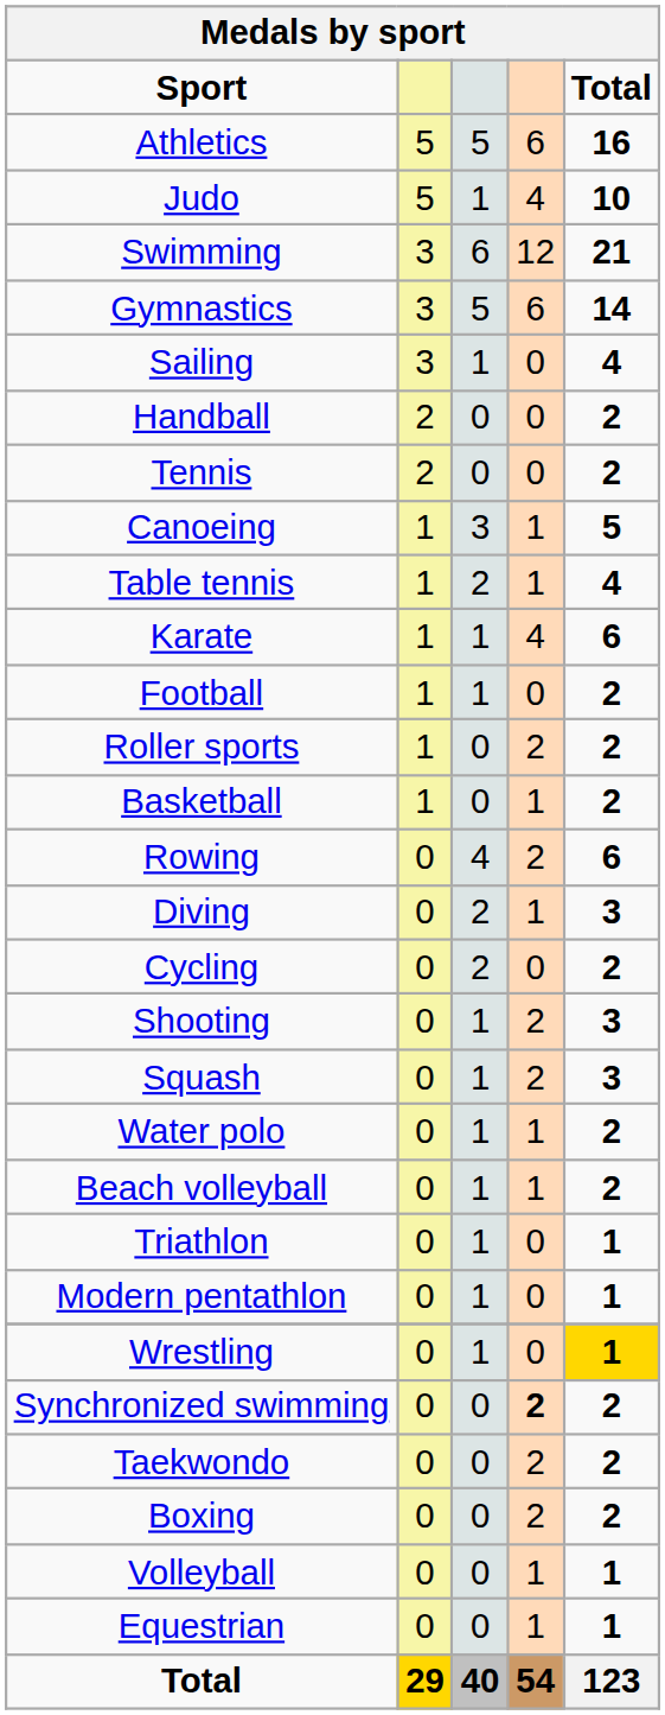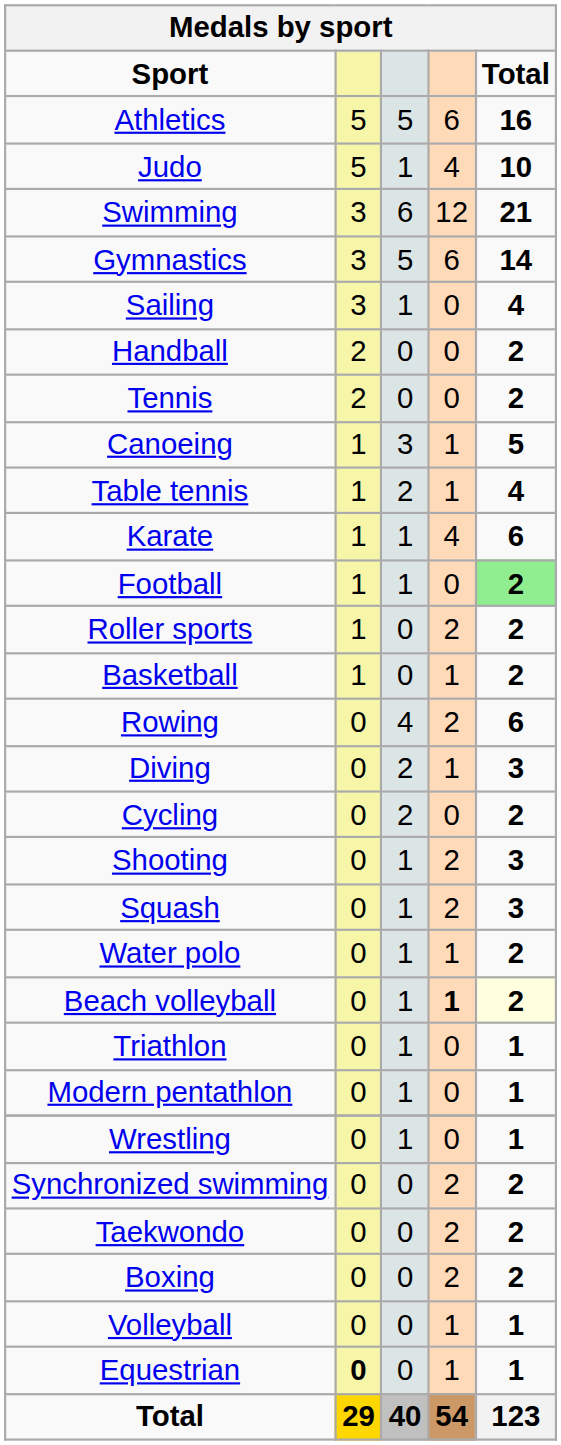 <table class="wikitable" style="font-size:85%; float:right;">
 <tr style="background:#efefef;">
 <th colspan=7><strong>Medals by sport</strong></th>
 </tr>
 <tr align=center>
 <td><strong>Sport</strong></td>
 <td bgcolor=#f7f6a8></td>
 <td bgcolor=#dce5e5></td>
 <td bgcolor=#ffdab9></td>
 <td><strong>Total</strong></td>
 </tr>
 <tr align=center>
 <td><a href='#'>Athletics</a></td>
 <td style="background:#F7F6A8;">5</td>
 <td style="background:#DCE5E5;">5</td>
 <td style="background:#FFDAB9;">6</td>
 <td><strong>16</strong></td>
 </tr>
 <tr align=center>
 <td><a href='#'>Judo</a></td>
 <td style="background:#F7F6A8;">5</td>
 <td style="background:#DCE5E5;">1</td>
 <td style="background:#FFDAB9;">4</td>
 <td><strong>10</strong></td>
 </tr>
 <tr align=center>
 <td><a href='#'>Swimming</a></td>
 <td style="background:#F7F6A8;">3</td>
 <td style="background:#DCE5E5;">6</td>
 <td style="background:#FFDAB9;">12</td>
 <td><strong>21</strong></td>
 </tr>
 <tr align=center>
 <td><a href='#'>Gymnastics</a></td>
 <td style="background:#F7F6A8;">3</td>
 <td style="background:#DCE5E5;">5</td>
 <td style="background:#FFDAB9;">6</td>
 <td><strong>14</strong></td>
 </tr>
 <tr align=center>
 <td><a href='#'>Sailing</a></td>
 <td style="background:#F7F6A8;">3</td>
 <td style="background:#DCE5E5;">1</td>
 <td style="background:#FFDAB9;">0</td>
 <td><strong>4</strong></td>
 </tr>
 <tr align=center>
 <td><a href='#'>Handball</a></td>
 <td style="background:#F7F6A8;">2</td>
 <td style="background:#DCE5E5;">0</td>
 <td style="background:#FFDAB9;">0</td>
 <td><strong>2</strong></td>
 </tr>
 <tr align=center>
 <td><a href='#'>Tennis</a></td>
 <td style="background:#F7F6A8;">2</td>
 <td style="background:#DCE5E5;">0</td>
 <td style="background:#FFDAB9;">0</td>
 <td><strong>2</strong></td>
 </tr>
 <tr align=center>
 <td><a href='#'>Canoeing</a></td>
 <td style="background:#F7F6A8;">1</td>
 <td style="background:#DCE5E5;">3</td>
 <td style="background:#FFDAB9;">1</td>
 <td><strong>5</strong></td>
 </tr>
 <tr align=center>
 <td><a href='#'>Table tennis</a></td>
 <td style="background:#F7F6A8;">1</td>
 <td style="background:#DCE5E5;">2</td>
 <td style="background:#FFDAB9;">1</td>
 <td><strong>4</strong></td>
 </tr>
 <tr align=center>
 <td><a href='#'>Karate</a></td>
 <td style="background:#F7F6A8;">1</td>
 <td style="background:#DCE5E5;">1</td>
 <td style="background:#FFDAB9;">4</td>
 <td><strong>6</strong></td>
 </tr>
 <tr align=center>
 <td><a href='#'>Football</a></td>
 <td style="background:#F7F6A8;">1</td>
 <td style="background:#DCE5E5;">1</td>
 <td style="background:#FFDAB9;">0</td>
-<td><strong>2</strong></td>
+<td style="background: lightgreen;"><strong>2</strong></td>
 </tr>
 <tr align=center>
 <td><a href='#'>Roller sports</a></td>
 <td style="background:#F7F6A8;">1</td>
 <td style="background:#DCE5E5;">0</td>
 <td style="background:#FFDAB9;">2</td>
 <td><strong>2</strong></td>
 </tr>
 <tr align=center>
 <td><a href='#'>Basketball</a></td>
 <td style="background:#F7F6A8;">1</td>
 <td style="background:#DCE5E5;">0</td>
 <td style="background:#FFDAB9;">1</td>
 <td><strong>2</strong></td>
 </tr>
 <tr align=center>
 <td><a href='#'>Rowing</a></td>
 <td style="background:#F7F6A8;">0</td>
 <td style="background:#DCE5E5;">4</td>
 <td style="background:#FFDAB9;">2</td>
 <td><strong>6</strong></td>
 </tr>
 <tr align=center>
 <td><a href='#'>Diving</a></td>
 <td style="background:#F7F6A8;">0</td>
 <td style="background:#DCE5E5;">2</td>
 <td style="background:#FFDAB9;">1</td>
 <td><strong>3</strong></td>
 </tr>
 <tr align=center>
 <td><a href='#'>Cycling</a></td>
 <td style="background:#F7F6A8;">0</td>
 <td style="background:#DCE5E5;">2</td>
 <td style="background:#FFDAB9;">0</td>
 <td><strong>2</strong></td>
 </tr>
 <tr align=center>
 <td><a href='#'>Shooting</a></td>
 <td style="background:#F7F6A8;">0</td>
 <td style="background:#DCE5E5;">1</td>
 <td style="background:#FFDAB9;">2</td>
 <td><strong>3</strong></td>
 </tr>
 <tr align=center>
 <td><a href='#'>Squash</a></td>
 <td style="background:#F7F6A8;">0</td>
 <td style="background:#DCE5E5;">1</td>
 <td style="background:#FFDAB9;">2</td>
 <td><strong>3</strong></td>
 </tr>
 <tr align=center>
 <td><a href='#'>Water polo</a></td>
 <td style="background:#F7F6A8;">0</td>
 <td style="background:#DCE5E5;">1</td>
 <td style="background:#FFDAB9;">1</td>
 <td><strong>2</strong></td>
 </tr>
 <tr align=center>
 <td><a href='#'>Beach volleyball</a></td>
 <td style="background:#F7F6A8;">0</td>
 <td style="background:#DCE5E5;">1</td>
-<td style="background:#FFDAB9;">1</td>
-<td><strong>2</strong></td>
+<td style="background:#FFDAB9;"><strong>1</strong></td>
+<td style="background: lightyellow;"><strong>2</strong></td>
 </tr>
 <tr align=center>
 <td><a href='#'>Triathlon</a></td>
 <td style="background:#F7F6A8;">0</td>
 <td style="background:#DCE5E5;">1</td>
 <td style="background:#FFDAB9;">0</td>
 <td><strong>1</strong></td>
 </tr>
 <tr align=center>
 <td><a href='#'>Modern pentathlon</a></td>
 <td style="background:#F7F6A8;">0</td>
 <td style="background:#DCE5E5;">1</td>
 <td style="background:#FFDAB9;">0</td>
 <td><strong>1</strong></td>
 </tr>
 <tr align=center>
 </tr>
 <tr align=center>
 <td><a href='#'>Wrestling</a></td>
 <td style="background:#F7F6A8;">0</td>
 <td style="background:#DCE5E5;">1</td>
 <td style="background:#FFDAB9;">0</td>
-<td style="background: gold;"><strong>1</strong></td>
+<td><strong>1</strong></td>
 </tr>
 <tr align=center>
 <td><a href='#'>Synchronized swimming</a></td>
 <td style="background:#F7F6A8;">0</td>
 <td style="background:#DCE5E5;">0</td>
-<td style="background:#FFDAB9;"><strong>2</strong></td>
+<td style="background:#FFDAB9;">2</td>
 <td><strong>2</strong></td>
 </tr>
 <tr align=center>
 <td><a href='#'>Taekwondo</a></td>
 <td style="background:#F7F6A8;">0</td>
 <td style="background:#DCE5E5;">0</td>
 <td style="background:#FFDAB9;">2</td>
 <td><strong>2</strong></td>
 </tr>
 <tr align=center>
 <td><a href='#'>Boxing</a></td>
 <td style="background:#F7F6A8;">0</td>
 <td style="background:#DCE5E5;">0</td>
 <td style="background:#FFDAB9;">2</td>
 <td><strong>2</strong></td>
 </tr>
 <tr align=center>
 <td><a href='#'>Volleyball</a></td>
 <td style="background:#F7F6A8;">0</td>
 <td style="background:#DCE5E5;">0</td>
 <td style="background:#FFDAB9;">1</td>
 <td><strong>1</strong></td>
 </tr>
 <tr align=center>
 <td><a href='#'>Equestrian</a></td>
-<td style="background:#F7F6A8;">0</td>
+<td style="background:#F7F6A8;"><strong>0</strong></td>
 <td style="background:#DCE5E5;">0</td>
 <td style="background:#FFDAB9;">1</td>
 <td><strong>1</strong></td>
 </tr>
 <tr align=center>
 <td><strong>Total</strong></td>
 <th style="background:gold;"><strong>29</strong></th>
 <th style="background:silver;"><strong>40</strong></th>
 <th style="background:#c96;"><strong>54</strong></th>
 <th><strong>123</strong></th>
 </tr>
 </table>
